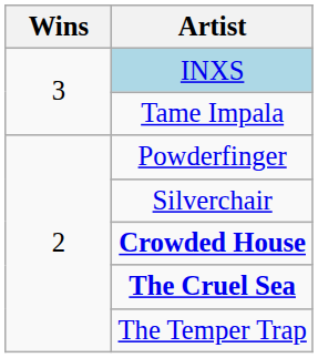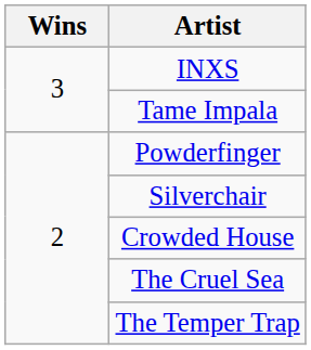 <table class="wikitable" style="text-align: center">
 <tr>
 <th scope="col" width="55">Wins</th>
 <th scope="col" align="center">Artist</th>
 </tr>
 <tr>
 <td rowspan=2 style="text-align:center">3</td>
-<td style="background: lightblue;"><a href='#'>INXS</a></td>
+<td><a href='#'>INXS</a></td>
 </tr>
 <tr>
 <td><a href='#'>Tame Impala</a></td>
 </tr>
 <tr>
 <td rowspan=5 style="text-align:center">2</td>
 <td><a href='#'>Powderfinger</a></td>
 </tr>
 <tr>
 <td><a href='#'>Silverchair</a></td>
 </tr>
 <tr>
-<td><strong><a href='#'>Crowded House</a></strong></td>
+<td><a href='#'>Crowded House</a></td>
 </tr>
 <tr>
-<td><strong><a href='#'>The Cruel Sea</a></strong></td>
+<td><a href='#'>The Cruel Sea</a></td>
 </tr>
 <tr>
 <td><a href='#'>The Temper Trap</a></td>
 </tr>
 </table>
